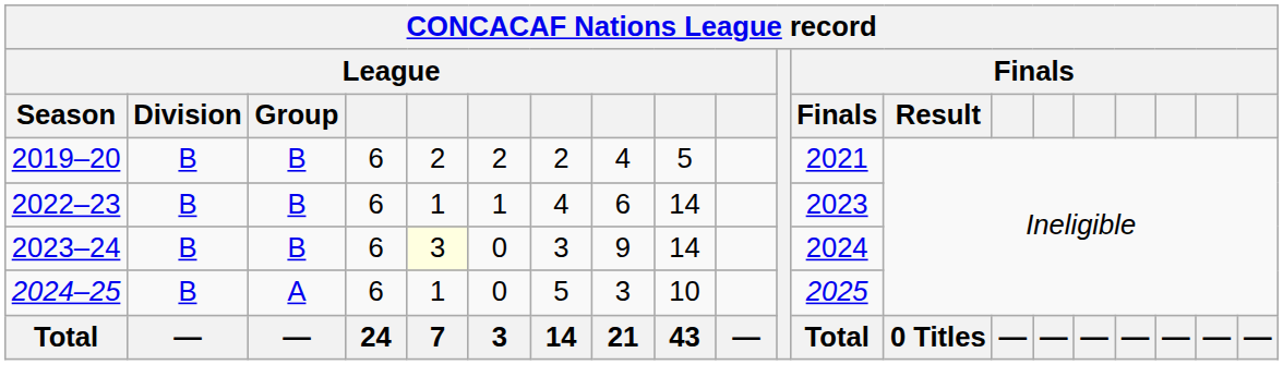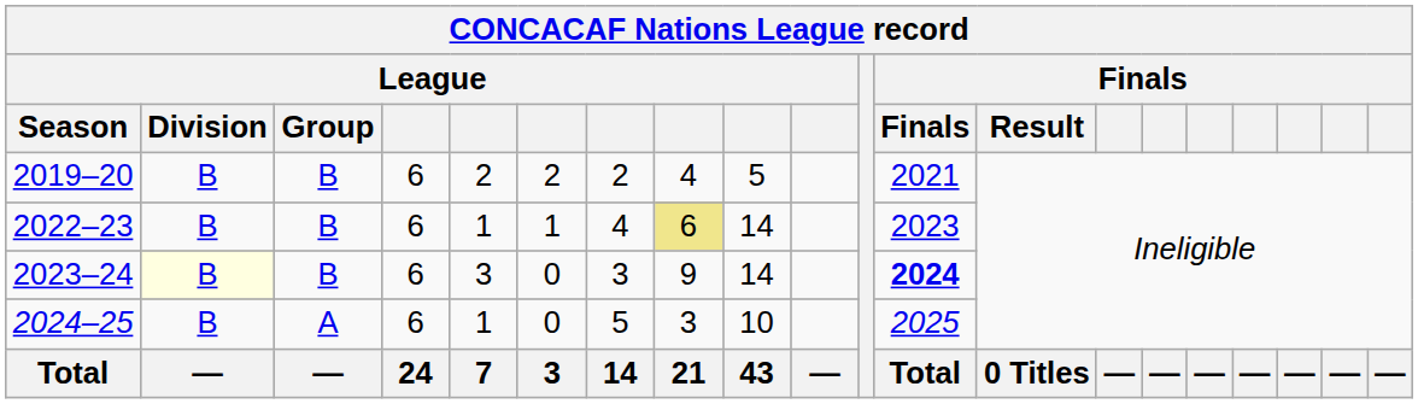 <table class="wikitable" style="text-align: center;">
 <tr>
 <th colspan="20"><a href='#'>CONCACAF Nations League</a> record</th>
 </tr>
 <tr>
 <th colspan="10">League</th>
 <th rowspan="7"></th>
 <th colspan="9">Finals</th>
 </tr>
 <tr>
 <th>Season</th>
 <th>Division</th>
 <th>Group</th>
 <th width="28"></th>
 <th width="28"></th>
 <th width="28"></th>
 <th width="28"></th>
 <th width="28"></th>
 <th width="28"></th>
 <th width="28"></th>
 <th><strong>Finals</strong></th>
 <th><strong>Result</strong></th>
 <th></th>
 <th></th>
 <th></th>
 <th></th>
 <th></th>
 <th></th>
 <th></th>
 </tr>
 <tr>
 <td><a href='#'>2019–20</a></td>
 <td><a href='#'>B</a></td>
 <td><a href='#'>B</a></td>
 <td>6</td>
 <td>2</td>
 <td>2</td>
 <td>2</td>
 <td>4</td>
 <td>5</td>
 <td></td>
 <td> <a href='#'>2021</a></td>
 <td colspan="8" rowspan="4"><em>Ineligible</em></td>
 </tr>
 <tr>
 <td><a href='#'>2022–23</a></td>
 <td><a href='#'>B</a></td>
 <td><a href='#'>B</a></td>
 <td>6</td>
 <td>1</td>
 <td>1</td>
 <td>4</td>
-<td>6</td>
+<td style="background: khaki;">6</td>
 <td>14</td>
 <td></td>
 <td> <a href='#'>2023</a></td>
 </tr>
 <tr>
 <td><a href='#'>2023–24</a></td>
-<td><a href='#'>B</a></td>
+<td style="background: lightyellow;"><a href='#'>B</a></td>
 <td><a href='#'>B</a></td>
 <td>6</td>
-<td style="background: lightyellow;">3</td>
+<td>3</td>
 <td>0</td>
 <td>3</td>
 <td>9</td>
 <td>14</td>
 <td></td>
-<td> <a href='#'>2024</a></td>
+<td><strong> <a href='#'>2024</a></strong></td>
 </tr>
 <tr>
 <td><a href='#'><em>2024–25</em></a></td>
 <td><a href='#'>B</a></td>
 <td><a href='#'>A</a></td>
 <td>6</td>
 <td>1</td>
 <td>0</td>
 <td>5</td>
 <td>3</td>
 <td>10</td>
 <td></td>
 <td> <a href='#'><em>2025</em></a></td>
 </tr>
 <tr>
 <th>Total</th>
 <th><strong>—</strong></th>
 <th><strong>—</strong></th>
 <th>24</th>
 <th>7</th>
 <th>3</th>
 <th>14</th>
 <th>21</th>
 <th>43</th>
 <th><strong>—</strong></th>
 <th><strong>Total</strong></th>
 <th><strong>0 Titles</strong></th>
 <th><strong>—</strong></th>
 <th><strong>—</strong></th>
 <th><strong>—</strong></th>
 <th><strong>—</strong></th>
 <th><strong>—</strong></th>
 <th><strong>—</strong></th>
 <th><strong>—</strong></th>
 </tr>
 </table>
